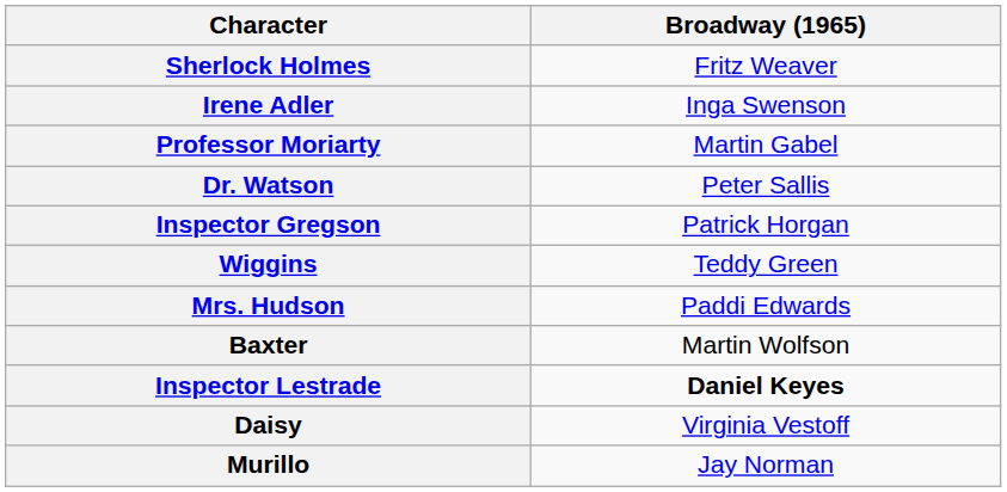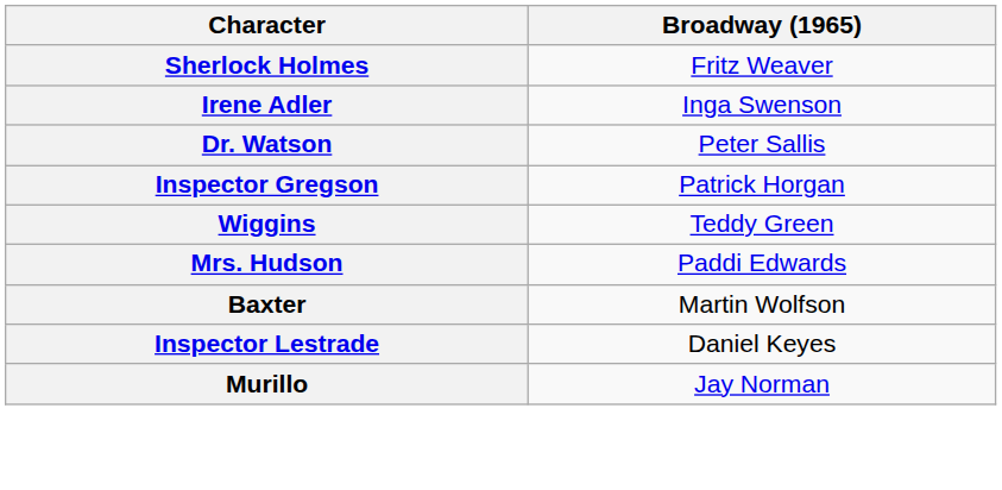 <table class="wikitable" style="width:50%; text-align:center">
 <tr>
 <th scope="col">Character</th>
 <th>Broadway (1965)</th>
 </tr>
 <tr>
 <th><a href='#'>Sherlock Holmes</a></th>
 <td colspan="1"><a href='#'>Fritz Weaver</a></td>
 </tr>
 <tr>
 <th><a href='#'>Irene Adler</a></th>
 <td colspan="1”"><a href='#'>Inga Swenson</a></td>
-</tr>
-<tr>
-<th><a href='#'>Professor Moriarty</a></th>
-<td colspan="1”"><a href='#'>Martin Gabel</a></td>
 </tr>
 <tr>
 <th><a href='#'>Dr. Watson</a></th>
 <td colspan="1"><a href='#'>Peter Sallis</a></td>
 </tr>
 <tr>
 <th><a href='#'>Inspector Gregson</a></th>
 <td colspan="1"><a href='#'>Patrick Horgan</a></td>
 </tr>
 <tr>
 <th><a href='#'>Wiggins</a></th>
 <td colspan="1"><a href='#'>Teddy Green</a></td>
 </tr>
 <tr>
 <th><a href='#'>Mrs. Hudson</a></th>
 <td colspan="1"><a href='#'>Paddi Edwards</a></td>
 </tr>
 <tr>
 <th>Baxter</th>
 <td colspan="1">Martin Wolfson</td>
 </tr>
 <tr>
 <th><a href='#'>Inspector Lestrade</a></th>
-<td colspan="1"><strong>Daniel Keyes</strong></td>
-</tr>
-<tr>
-<th>Daisy</th>
-<td colspan="1"><a href='#'>Virginia Vestoff</a></td>
+<td colspan="1">Daniel Keyes</td>
 </tr>
 <tr>
 <th>Murillo</th>
 <td colspan="1"><a href='#'>Jay Norman</a></td>
 </tr>
 </table>
